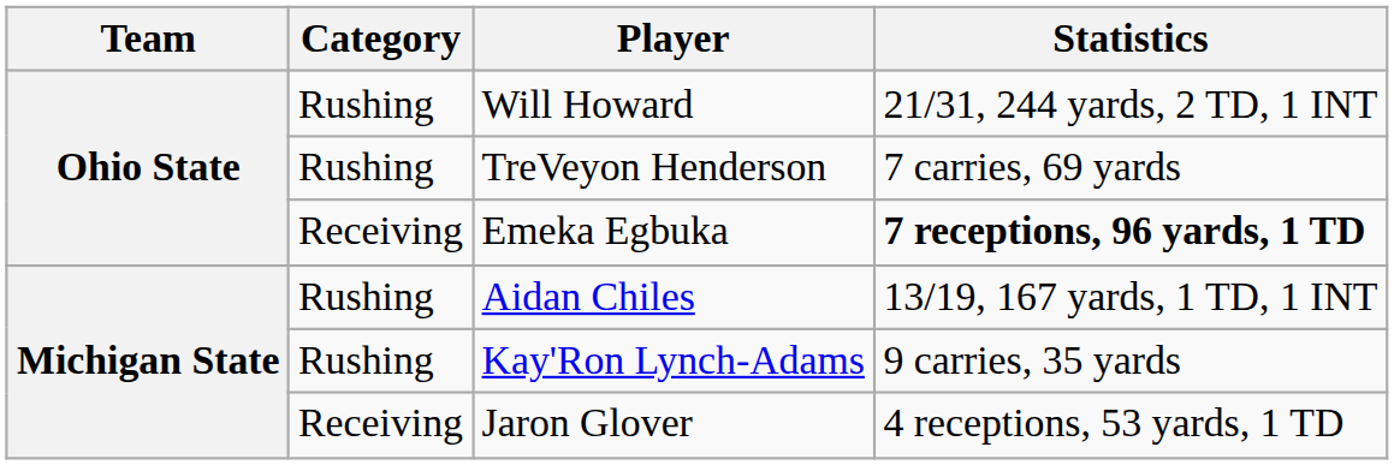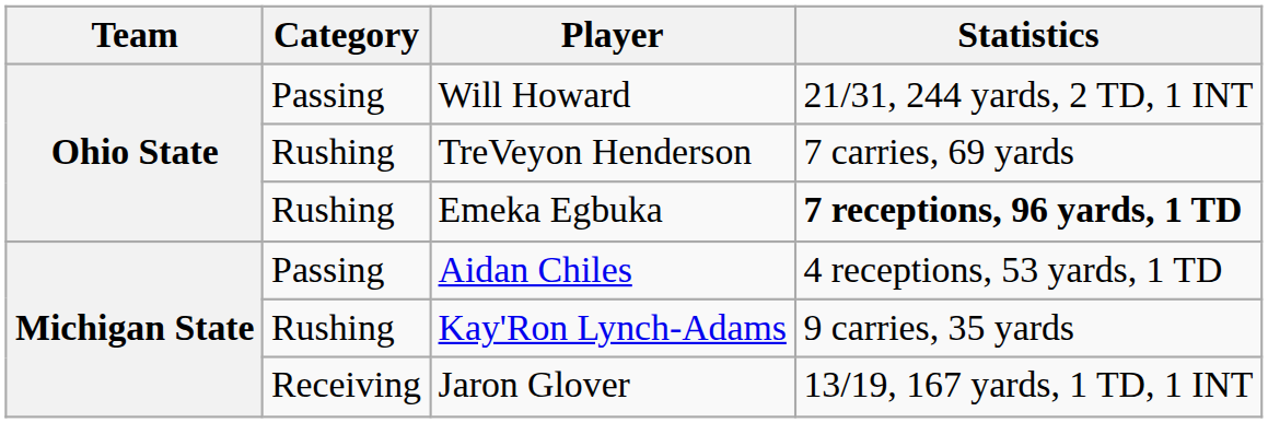 <table class="wikitable" style="float:right">
 <tr>
 <th>Team</th>
 <th>Category</th>
 <th>Player</th>
 <th>Statistics</th>
 </tr>
 <tr>
 <th rowspan=3>Ohio State</th>
-<td>Rushing</td>
+<td>Passing</td>
 <td>Will Howard</td>
 <td>21/31, 244 yards, 2 TD, 1 INT</td>
 </tr>
 <tr>
 <td>Rushing</td>
 <td>TreVeyon Henderson</td>
 <td>7 carries, 69 yards</td>
 </tr>
 <tr>
-<td>Receiving</td>
+<td>Rushing</td>
 <td>Emeka Egbuka</td>
 <td><strong>7 receptions, 96 yards, 1 TD</strong></td>
 </tr>
 <tr>
 <th rowspan=3>Michigan State</th>
-<td>Rushing</td>
+<td>Passing</td>
 <td><a href='#'>Aidan Chiles</a></td>
-<td>13/19, 167 yards, 1 TD, 1 INT</td>
+<td>4 receptions, 53 yards, 1 TD</td>
 </tr>
 <tr>
 <td>Rushing</td>
 <td><a href='#'>Kay'Ron Lynch-Adams</a></td>
 <td>9 carries, 35 yards</td>
 </tr>
 <tr>
 <td>Receiving</td>
 <td>Jaron Glover</td>
-<td>4 receptions, 53 yards, 1 TD</td>
+<td>13/19, 167 yards, 1 TD, 1 INT</td>
 </tr>
 </table>
